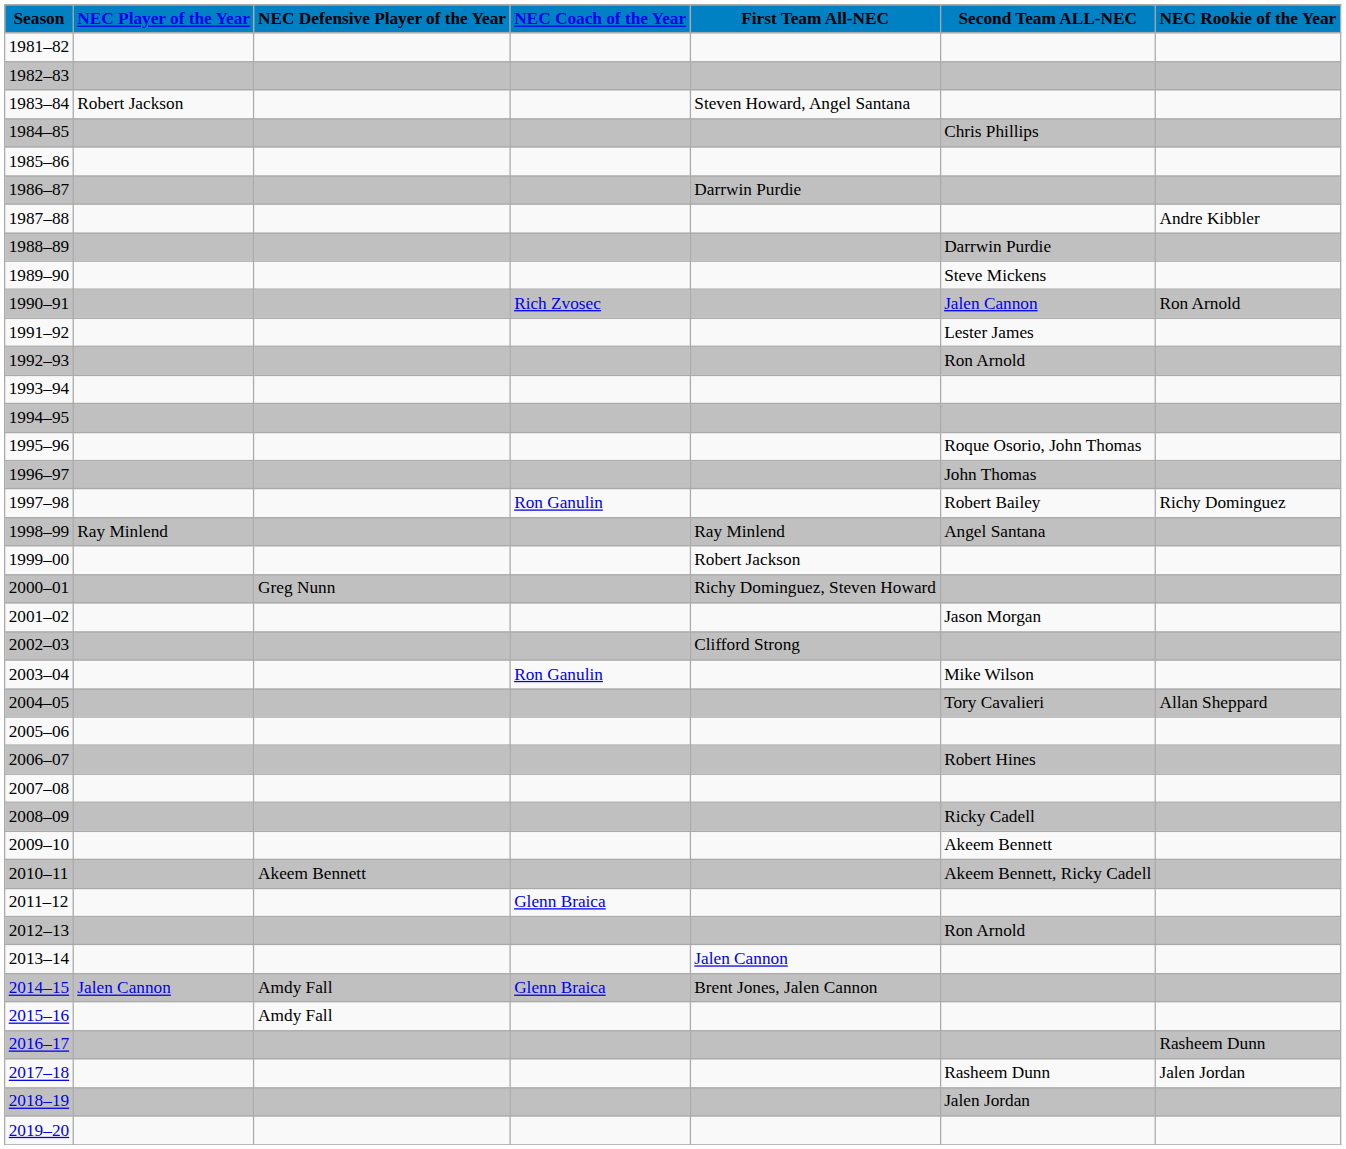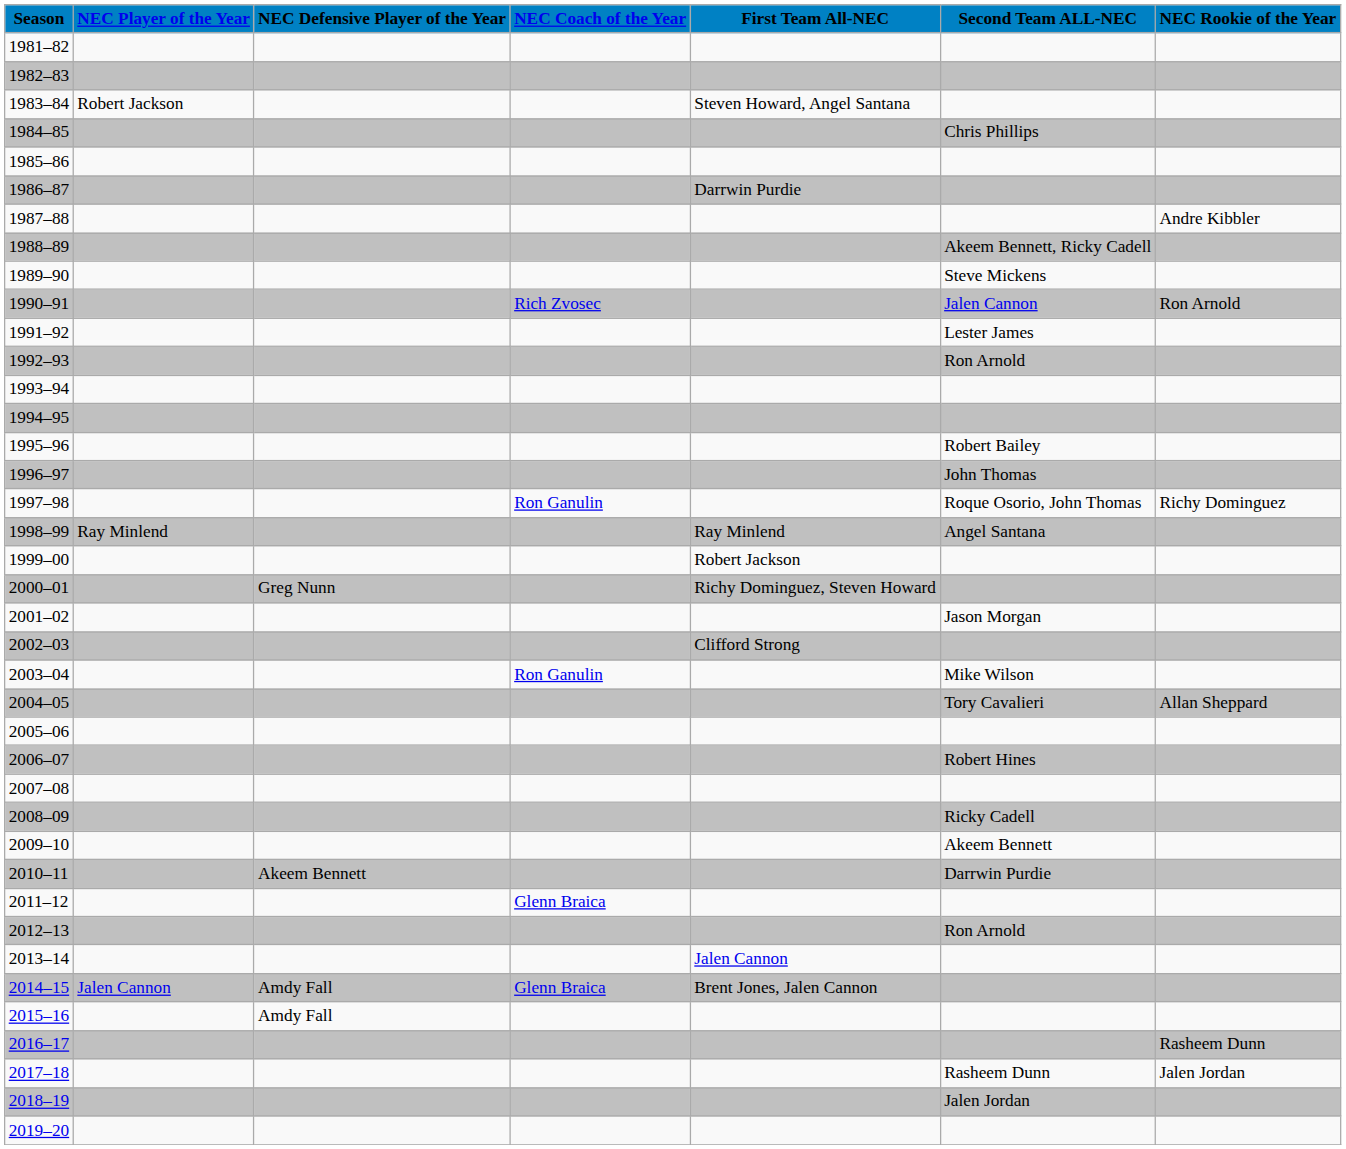 <table class="wikitable collapsible autocollapse" style="font-size:85%">
 <tr>
 <th align="center" style="background:#0081C4;"><span>Season</span></th>
 <th align="center" style="background:#0081C4;"><a href='#'><span>NEC Player of the Year</span></a></th>
 <th align="center" style="background:#0081C4;"><span>NEC Defensive Player of the Year</span></th>
 <th align="center" style="background:#0081C4;"><a href='#'><span>NEC Coach of the Year</span></a></th>
 <th align="center" style="background:#0081C4;"><span>First Team All-NEC</span></th>
 <th align="center" style="background:#0081C4;"><span>Second Team ALL-NEC</span></th>
 <th align="center" style="background:#0081C4;"><span>NEC Rookie of the Year</span></th>
 </tr>
 <tr>
 <td>1981–82</td>
 <td></td>
 <td></td>
 <td></td>
 <td></td>
 <td></td>
 <td></td>
 </tr>
 <tr>
 <td style=background:silver>1982–83</td>
 <td style=background:silver></td>
 <td style=background:silver></td>
 <td style=background:silver></td>
 <td style=background:silver></td>
 <td style=background:silver></td>
 <td style=background:silver></td>
 </tr>
 <tr>
 <td>1983–84</td>
 <td>Robert Jackson</td>
 <td></td>
 <td></td>
 <td>Steven Howard, Angel Santana</td>
 <td></td>
 <td></td>
 </tr>
 <tr>
 <td style=background:silver>1984–85</td>
 <td style=background:silver></td>
 <td style=background:silver></td>
 <td style=background:silver></td>
 <td style=background:silver></td>
 <td style=background:silver>Chris Phillips</td>
 <td style=background:silver></td>
 </tr>
 <tr>
 <td>1985–86</td>
 <td></td>
 <td></td>
 <td></td>
 <td></td>
 <td></td>
 <td></td>
 </tr>
 <tr>
 <td style=background:silver>1986–87</td>
 <td style=background:silver></td>
 <td style=background:silver></td>
 <td style=background:silver></td>
 <td style=background:silver>Darrwin Purdie</td>
 <td style=background:silver></td>
 <td style=background:silver></td>
 </tr>
 <tr>
 <td>1987–88</td>
 <td></td>
 <td></td>
 <td></td>
 <td></td>
 <td></td>
 <td>Andre Kibbler</td>
 </tr>
 <tr>
 <td style=background:silver>1988–89</td>
 <td style=background:silver></td>
 <td style=background:silver></td>
 <td style=background:silver></td>
 <td style=background:silver></td>
-<td style=background:silver>Darrwin Purdie</td>
+<td style=background:silver>Akeem Bennett, Ricky Cadell</td>
 <td style=background:silver></td>
 </tr>
 <tr>
 <td>1989–90</td>
 <td></td>
 <td></td>
 <td></td>
 <td></td>
 <td>Steve Mickens</td>
 <td></td>
 </tr>
 <tr>
 <td style=background:silver>1990–91</td>
 <td style=background:silver></td>
 <td style=background:silver></td>
 <td style=background:silver><a href='#'>Rich Zvosec</a></td>
 <td style=background:silver></td>
 <td style=background:silver><a href='#'>Jalen Cannon</a></td>
 <td style=background:silver>Ron Arnold</td>
 </tr>
 <tr>
 <td>1991–92</td>
 <td></td>
 <td></td>
 <td></td>
 <td></td>
 <td>Lester James</td>
 <td></td>
 </tr>
 <tr>
 <td style=background:silver>1992–93</td>
 <td style=background:silver></td>
 <td style=background:silver></td>
 <td style=background:silver></td>
 <td style=background:silver></td>
 <td style=background:silver>Ron Arnold</td>
 <td style=background:silver></td>
 </tr>
 <tr>
 <td>1993–94</td>
 <td></td>
 <td></td>
 <td></td>
 <td></td>
 <td></td>
 <td></td>
 </tr>
 <tr>
 <td style=background:silver>1994–95</td>
 <td style=background:silver></td>
 <td style=background:silver></td>
 <td style=background:silver></td>
 <td style=background:silver></td>
 <td style=background:silver></td>
 <td style=background:silver></td>
 </tr>
 <tr>
 <td>1995–96</td>
 <td></td>
 <td></td>
 <td></td>
 <td></td>
-<td>Roque Osorio, John Thomas</td>
+<td>Robert Bailey</td>
 <td></td>
 </tr>
 <tr>
 <td style=background:silver>1996–97</td>
 <td style=background:silver></td>
 <td style=background:silver></td>
 <td style=background:silver></td>
 <td style=background:silver></td>
 <td style=background:silver>John Thomas</td>
 <td style=background:silver></td>
 </tr>
 <tr>
 <td>1997–98</td>
 <td></td>
 <td></td>
 <td><a href='#'>Ron Ganulin</a></td>
 <td></td>
-<td>Robert Bailey</td>
+<td>Roque Osorio, John Thomas</td>
 <td>Richy Dominguez</td>
 </tr>
 <tr>
 <td style=background:silver>1998–99</td>
 <td style=background:silver>Ray Minlend</td>
 <td style=background:silver></td>
 <td style=background:silver></td>
 <td style=background:silver>Ray Minlend</td>
 <td style=background:silver>Angel Santana</td>
 <td style=background:silver></td>
 </tr>
 <tr>
 <td>1999–00</td>
 <td></td>
 <td></td>
 <td></td>
 <td>Robert Jackson</td>
 <td></td>
 <td></td>
 </tr>
 <tr>
 <td style=background:silver>2000–01</td>
 <td style=background:silver></td>
 <td style=background:silver>Greg Nunn</td>
 <td style=background:silver></td>
 <td style=background:silver>Richy Dominguez, Steven Howard</td>
 <td style=background:silver></td>
 <td style=background:silver></td>
 </tr>
 <tr>
 <td>2001–02</td>
 <td></td>
 <td></td>
 <td></td>
 <td></td>
 <td>Jason Morgan</td>
 <td></td>
 </tr>
 <tr>
 <td style=background:silver>2002–03</td>
 <td style=background:silver></td>
 <td style=background:silver></td>
 <td style=background:silver></td>
 <td style=background:silver>Clifford Strong</td>
 <td style=background:silver></td>
 <td style=background:silver></td>
 </tr>
 <tr>
 <td>2003–04</td>
 <td></td>
 <td></td>
 <td><a href='#'>Ron Ganulin</a></td>
 <td></td>
 <td>Mike Wilson</td>
 <td></td>
 </tr>
 <tr>
 <td style=background:silver>2004–05</td>
 <td style=background:silver></td>
 <td style=background:silver></td>
 <td style=background:silver></td>
 <td style=background:silver></td>
 <td style=background:silver>Tory Cavalieri</td>
 <td style=background:silver>Allan Sheppard</td>
 </tr>
 <tr>
 <td>2005–06</td>
 <td></td>
 <td></td>
 <td></td>
 <td></td>
 <td></td>
 <td></td>
 </tr>
 <tr>
 <td style=background:silver>2006–07</td>
 <td style=background:silver></td>
 <td style=background:silver></td>
 <td style=background:silver></td>
 <td style=background:silver></td>
 <td style=background:silver>Robert Hines</td>
 <td style=background:silver></td>
 </tr>
 <tr>
 <td>2007–08</td>
 <td></td>
 <td></td>
 <td></td>
 <td></td>
 <td></td>
 <td></td>
 </tr>
 <tr>
 <td style=background:silver>2008–09</td>
 <td style=background:silver></td>
 <td style=background:silver></td>
 <td style=background:silver></td>
 <td style=background:silver></td>
 <td style=background:silver>Ricky Cadell</td>
 <td style=background:silver></td>
 </tr>
 <tr>
 <td>2009–10</td>
 <td></td>
 <td></td>
 <td></td>
 <td></td>
 <td>Akeem Bennett</td>
 <td></td>
 </tr>
 <tr>
 <td style=background:silver>2010–11</td>
 <td style=background:silver></td>
 <td style=background:silver>Akeem Bennett</td>
 <td style=background:silver></td>
 <td style=background:silver></td>
-<td style=background:silver>Akeem Bennett, Ricky Cadell</td>
+<td style=background:silver>Darrwin Purdie</td>
 <td style=background:silver></td>
 </tr>
 <tr>
 <td>2011–12</td>
 <td></td>
 <td></td>
 <td><a href='#'>Glenn Braica</a></td>
 <td></td>
 <td></td>
 <td></td>
 </tr>
 <tr>
 <td style=background:silver>2012–13</td>
 <td style=background:silver></td>
 <td style=background:silver></td>
 <td style=background:silver></td>
 <td style=background:silver></td>
 <td style=background:silver>Ron Arnold</td>
 <td style=background:silver></td>
 </tr>
 <tr>
 <td>2013–14</td>
 <td></td>
 <td></td>
 <td></td>
 <td><a href='#'>Jalen Cannon</a></td>
 <td></td>
 <td></td>
 </tr>
 <tr>
 <td style=background:silver><a href='#'>2014–15</a></td>
 <td style=background:silver><a href='#'>Jalen Cannon</a></td>
 <td style=background:silver>Amdy Fall</td>
 <td style=background:silver><a href='#'>Glenn Braica</a></td>
 <td style=background:silver>Brent Jones, Jalen Cannon</td>
 <td style=background:silver></td>
 <td style=background:silver></td>
 </tr>
 <tr>
 <td><a href='#'>2015–16</a></td>
 <td></td>
 <td>Amdy Fall</td>
 <td></td>
 <td></td>
 <td></td>
 <td></td>
 </tr>
 <tr>
 <td style=background:silver><a href='#'>2016–17</a></td>
 <td style=background:silver></td>
 <td style=background:silver></td>
 <td style=background:silver></td>
 <td style=background:silver></td>
 <td style=background:silver></td>
 <td style=background:silver>Rasheem Dunn</td>
 </tr>
 <tr>
 <td><a href='#'>2017–18</a></td>
 <td></td>
 <td></td>
 <td></td>
 <td></td>
 <td>Rasheem Dunn</td>
 <td>Jalen Jordan</td>
 </tr>
 <tr>
 <td style=background:silver><a href='#'>2018–19</a></td>
 <td style=background:silver></td>
 <td style=background:silver></td>
 <td style=background:silver></td>
 <td style=background:silver></td>
 <td style=background:silver>Jalen Jordan</td>
 <td style=background:silver></td>
 </tr>
 <tr>
 <td><a href='#'>2019–20</a></td>
 <td></td>
 <td></td>
 <td></td>
 <td></td>
 <td></td>
 <td></td>
 </tr>
 <tr>
 </tr>
 </table>
